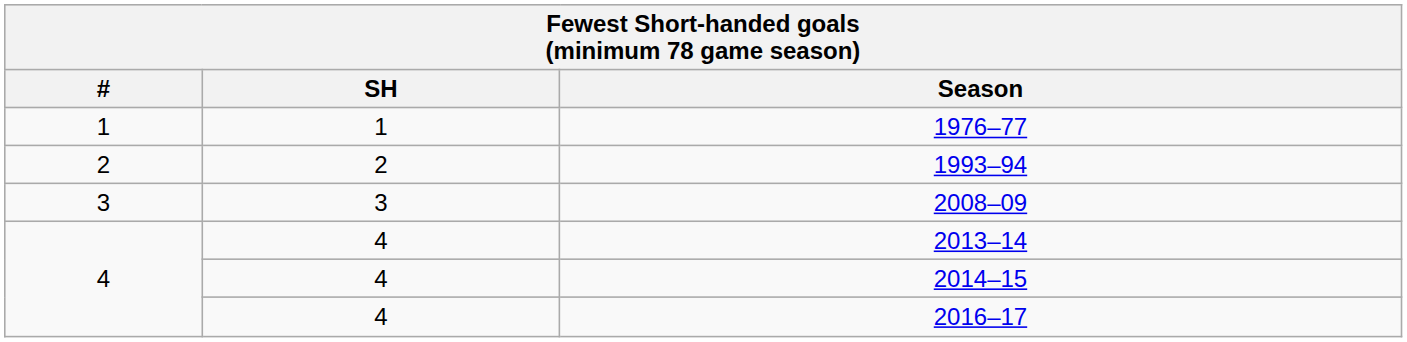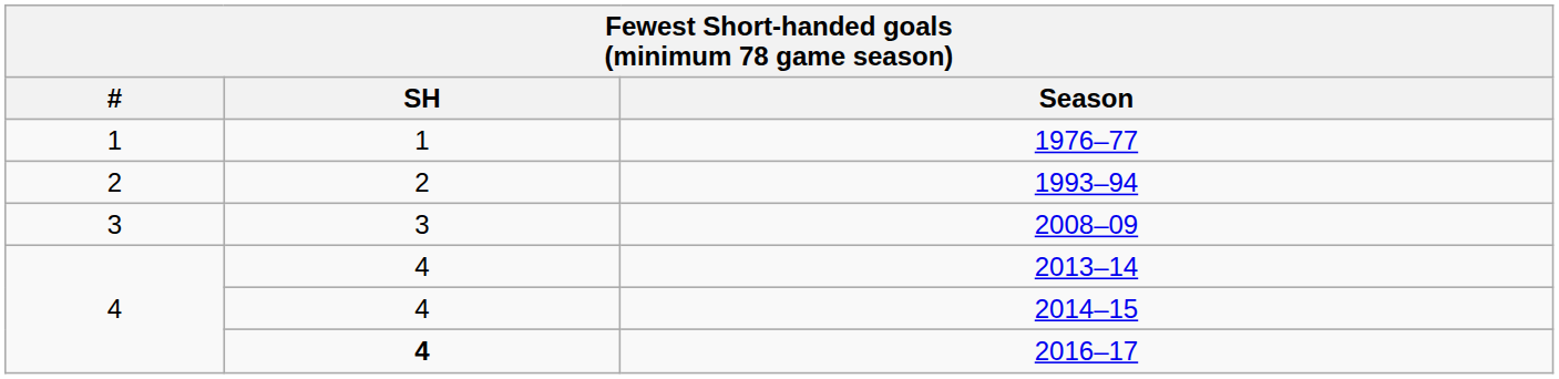 <table class="wikitable" style="text-align: center; font-size: 95%" width="70%">
 <tr>
 <th colspan="3">Fewest Short-handed goals<br>(minimum 78 game season)</th>
 </tr>
 <tr>
 <th>#</th>
 <th>SH</th>
 <th>Season</th>
 </tr>
 <tr>
 <td>1</td>
 <td>1</td>
 <td><a href='#'>1976–77</a></td>
 </tr>
 <tr>
 <td>2</td>
 <td>2</td>
 <td><a href='#'>1993–94</a></td>
 </tr>
 <tr>
 <td>3</td>
 <td>3</td>
 <td><a href='#'>2008–09</a></td>
 </tr>
 <tr>
 <td rowspan="3">4</td>
 <td>4</td>
 <td><a href='#'>2013–14</a></td>
 </tr>
 <tr>
 <td>4</td>
 <td><a href='#'>2014–15</a></td>
 </tr>
 <tr>
-<td>4</td>
+<td><strong>4</strong></td>
 <td><a href='#'>2016–17</a></td>
 </tr>
 </table>
